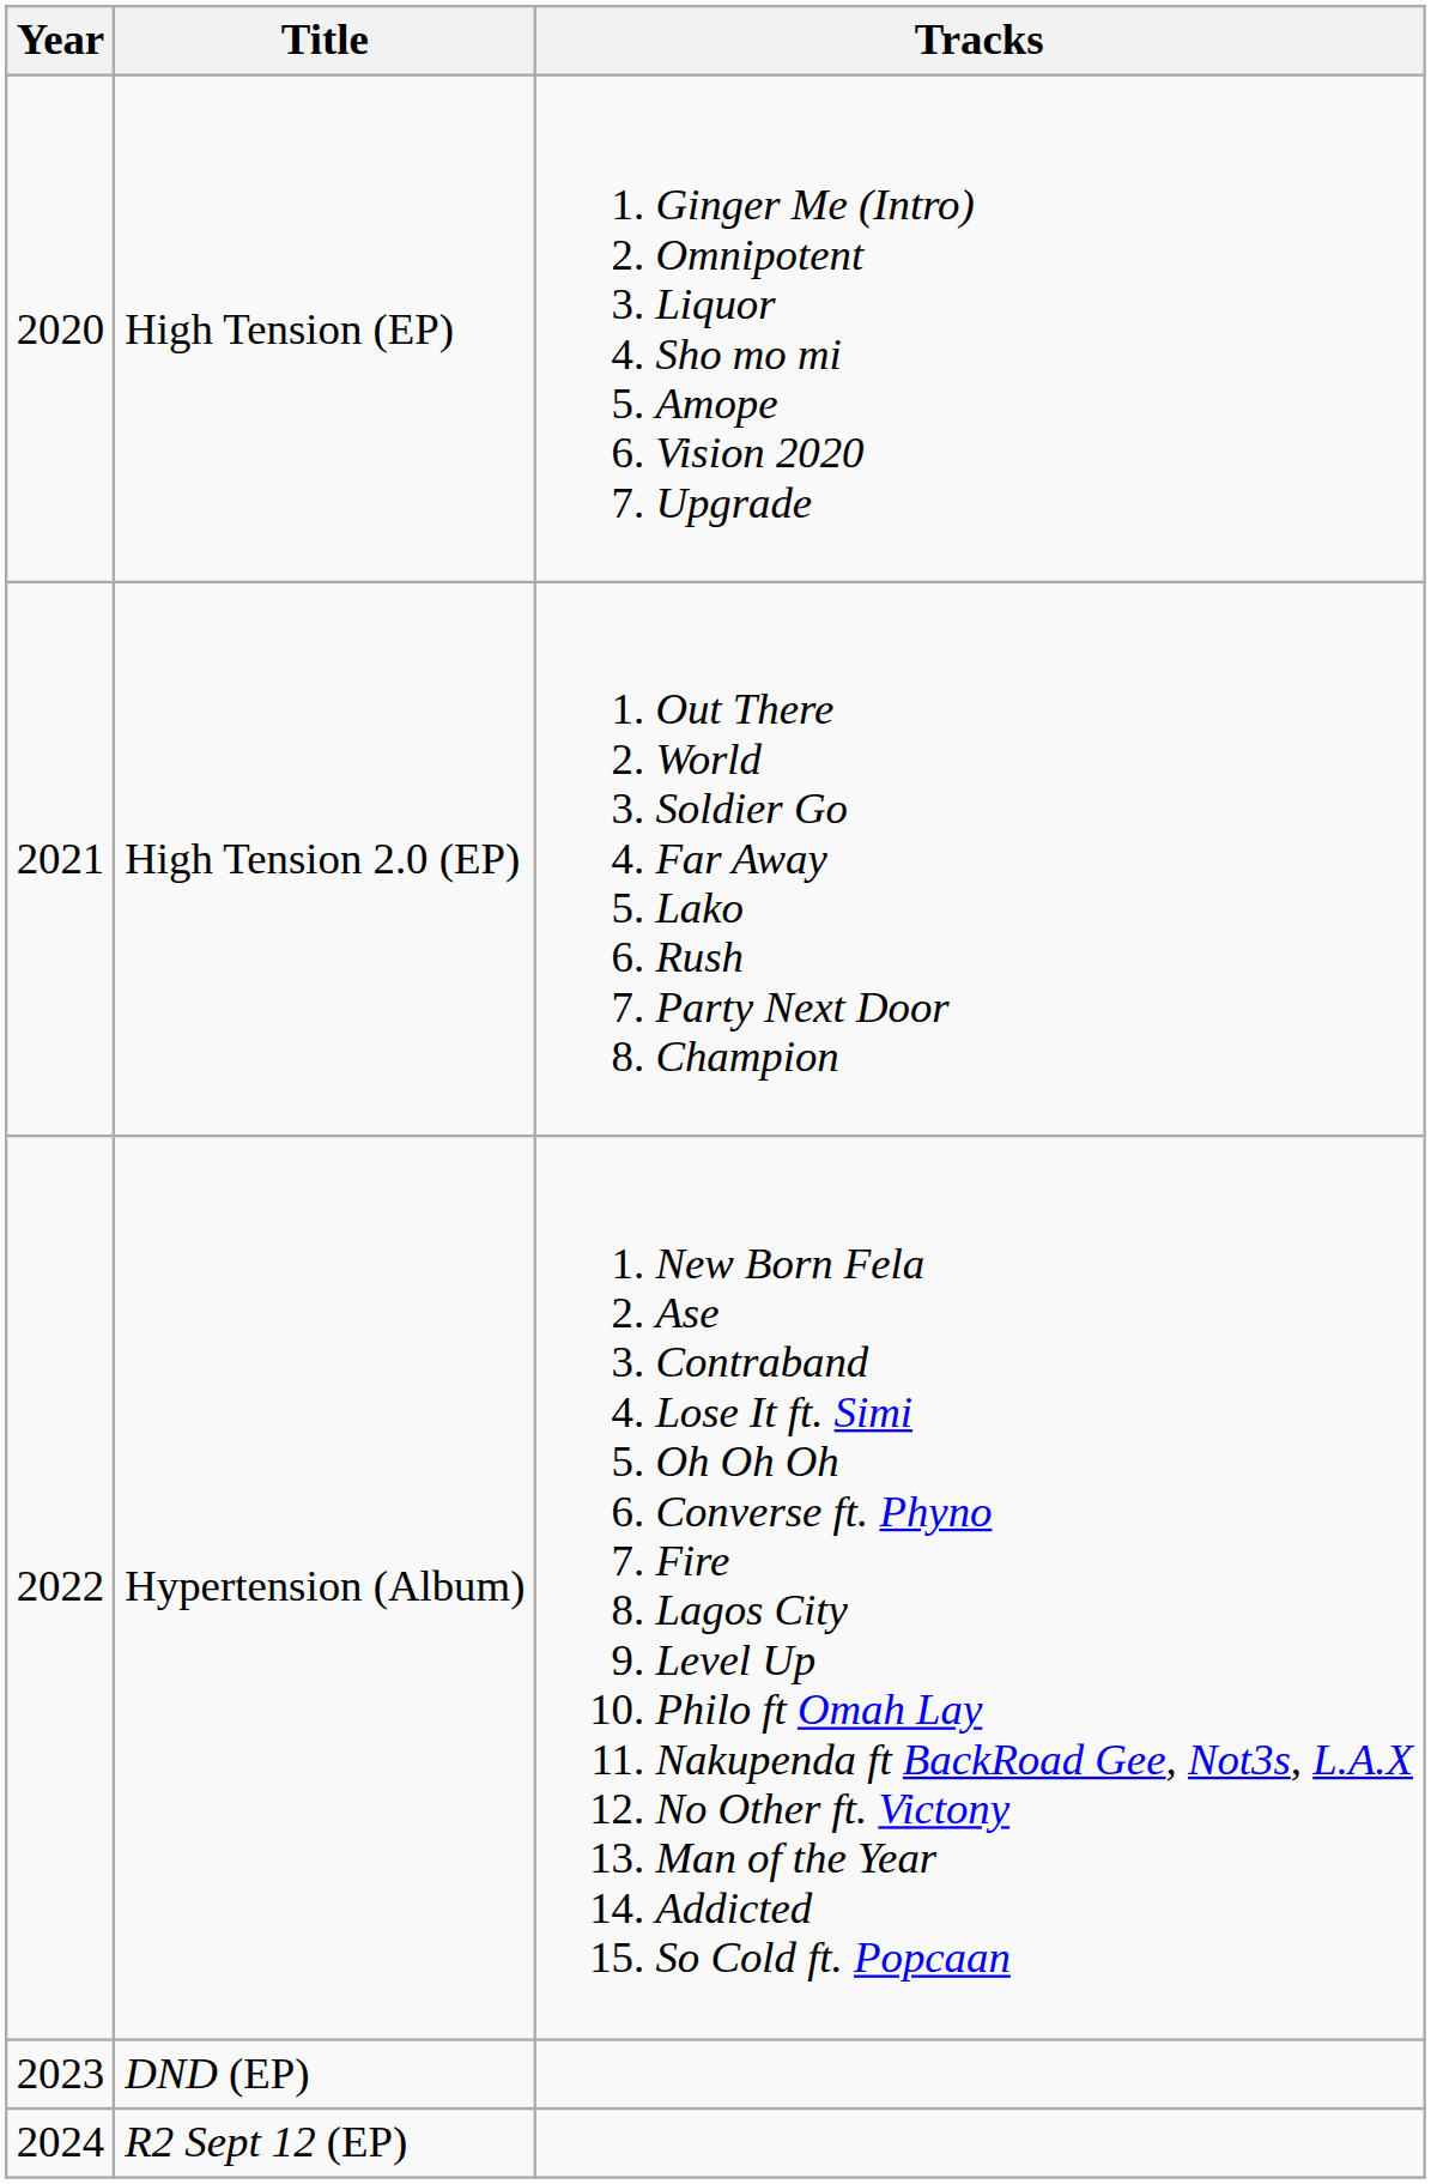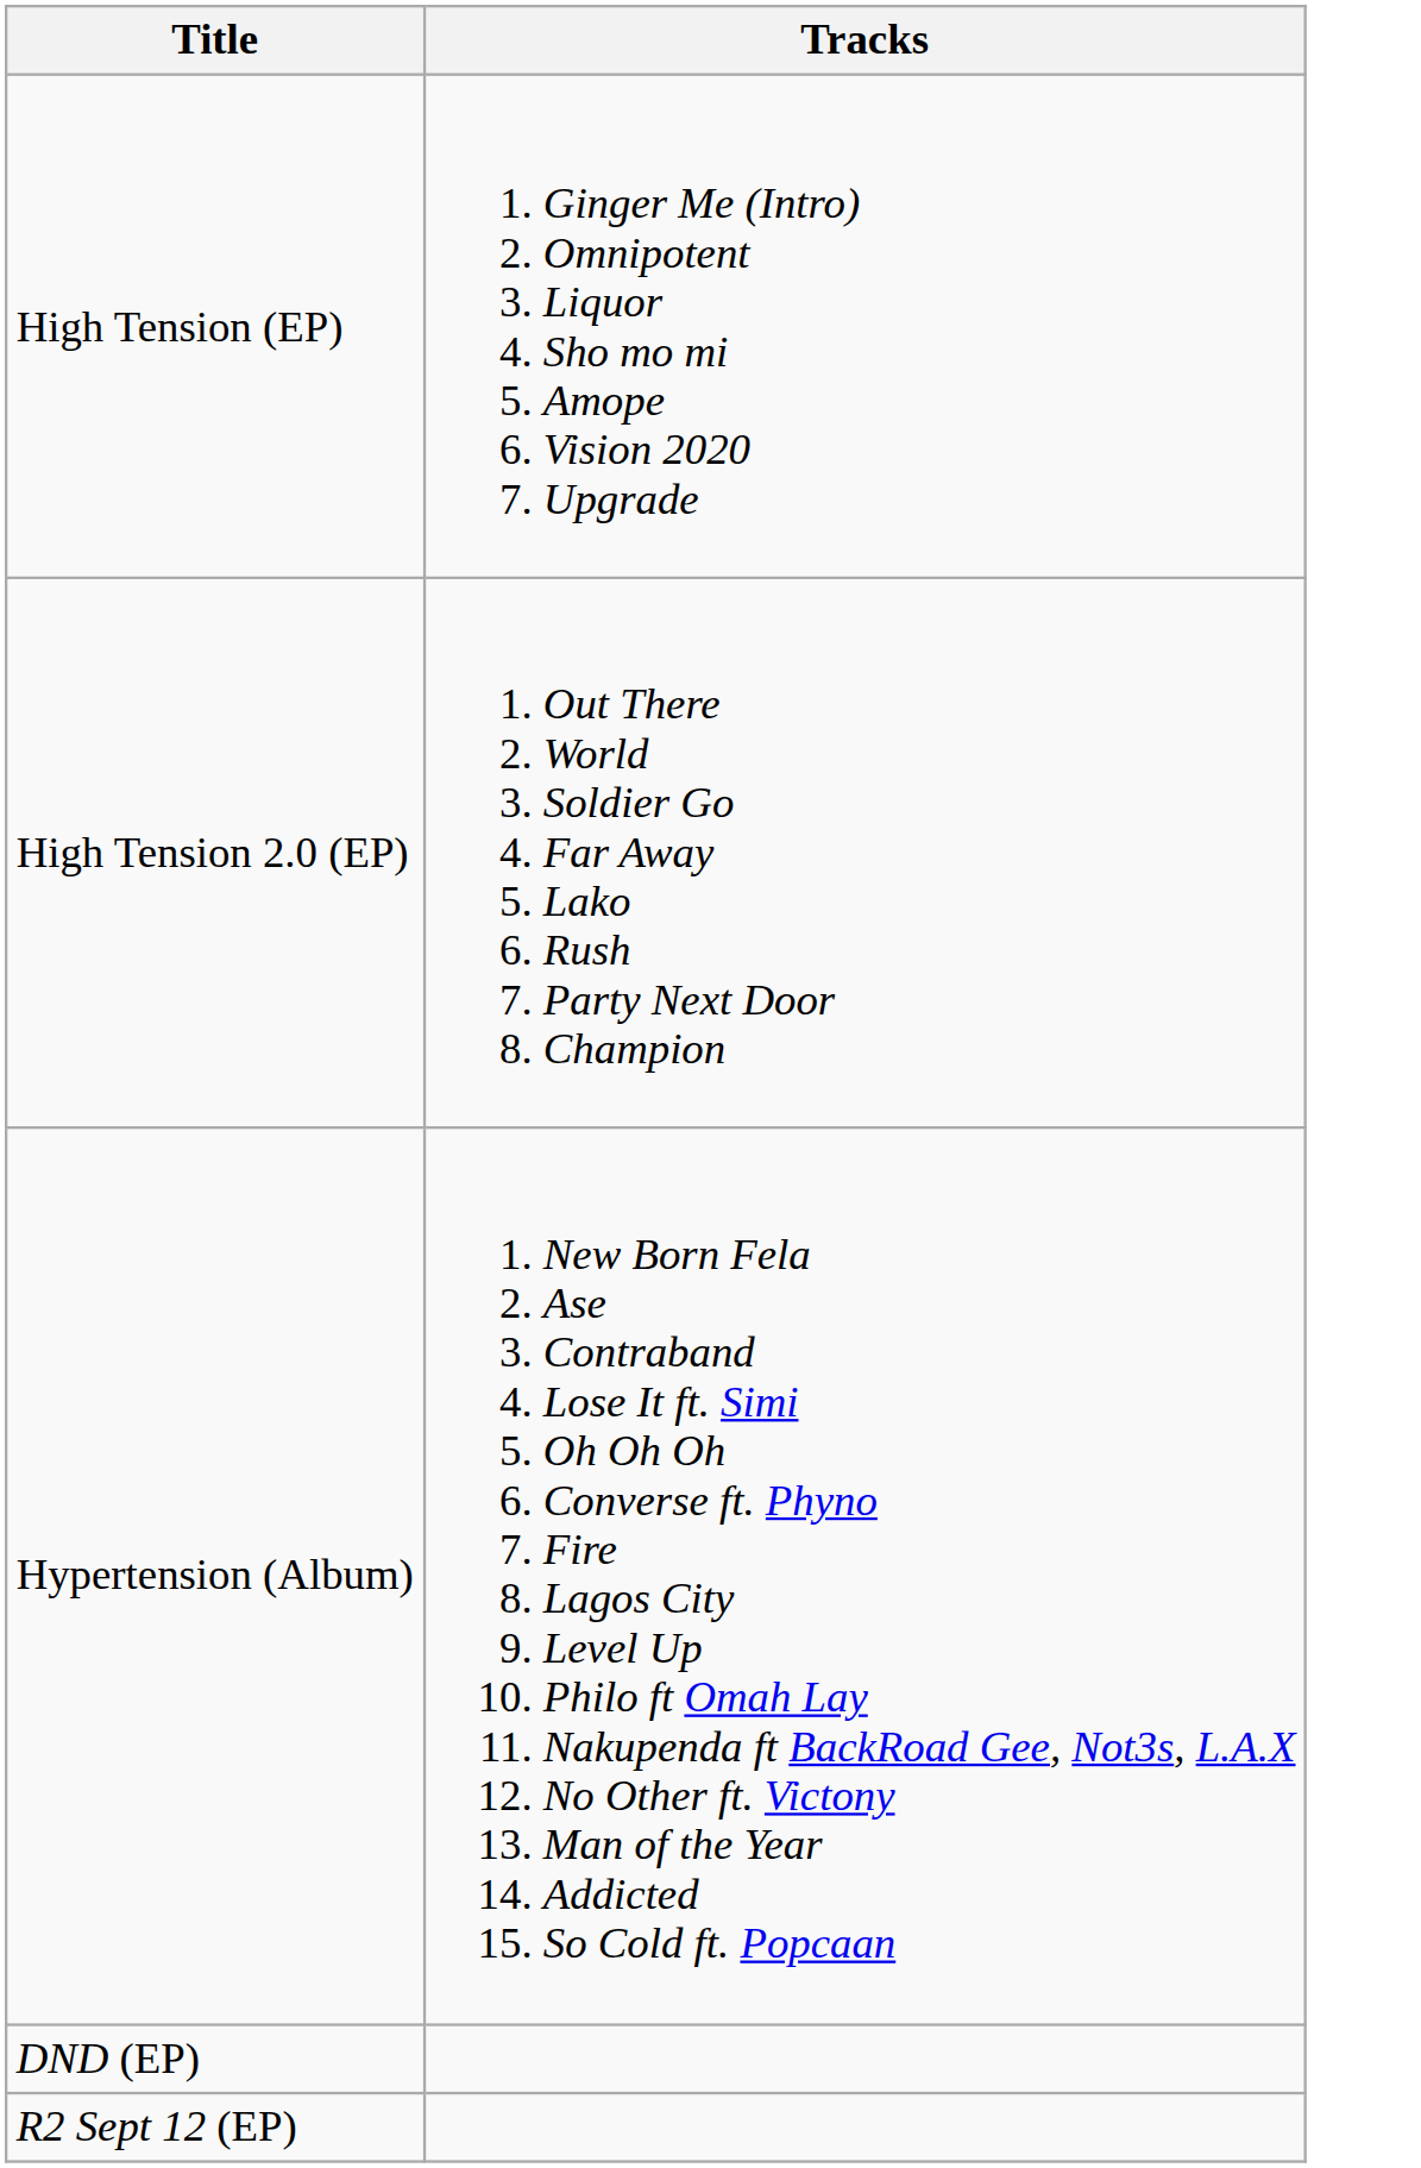 <table class="wikitable">
 <tr>
-<th>Year</th>
 <th>Title</th>
 <th>Tracks</th>
 </tr>
 <tr>
-<td>2020</td>
 <td>High Tension (EP)</td>
 <td><br><ol><li><em>Ginger Me (Intro)</em></li><li><em>Omnipotent</em></li><li><em>Liquor</em></li><li><em>Sho mo mi</em></li><li><em>Amope</em></li><li><em>Vision 2020</em></li><li><em>Upgrade</em></li></ol></td>
 </tr>
 <tr>
-<td>2021</td>
 <td>High Tension 2.0 (EP)</td>
 <td><br><ol><li><em>Out There</em></li><li><em>World</em></li><li><em>Soldier Go</em></li><li><em>Far Away</em></li><li><em>Lako</em></li><li><em>Rush</em></li><li><em>Party Next Door</em></li><li><em>Champion</em></li></ol></td>
 </tr>
 <tr>
-<td>2022</td>
 <td>Hypertension (Album)</td>
 <td><br><ol><li><em>New Born Fela</em></li><li><em>Ase</em></li><li><em>Contraband</em></li><li><em>Lose It ft. <a href='#'>Simi</a></em></li><li><em>Oh Oh Oh</em></li><li><em>Converse ft. <a href='#'>Phyno</a></em></li><li><em>Fire</em></li><li><em>Lagos City</em></li><li><em>Level Up</em></li><li><em>Philo ft <a href='#'>Omah Lay</a></em></li><li><em>Nakupenda ft <a href='#'>BackRoad Gee</a>, <a href='#'>Not3s</a>, <a href='#'>L.A.X</a></em></li><li><em>No Other ft. <a href='#'>Victony</a></em></li><li><em>Man of the Year</em></li><li><em>Addicted</em></li><li><em>So Cold ft. <a href='#'>Popcaan</a></em></li></ol></td>
 </tr>
 <tr>
-<td>2023</td>
 <td><em>DND</em> (EP)</td>
 <td></td>
 </tr>
 <tr>
-<td>2024</td>
 <td><em>R2 Sept 12</em> (EP)</td>
 <td></td>
 </tr>
 </table>
